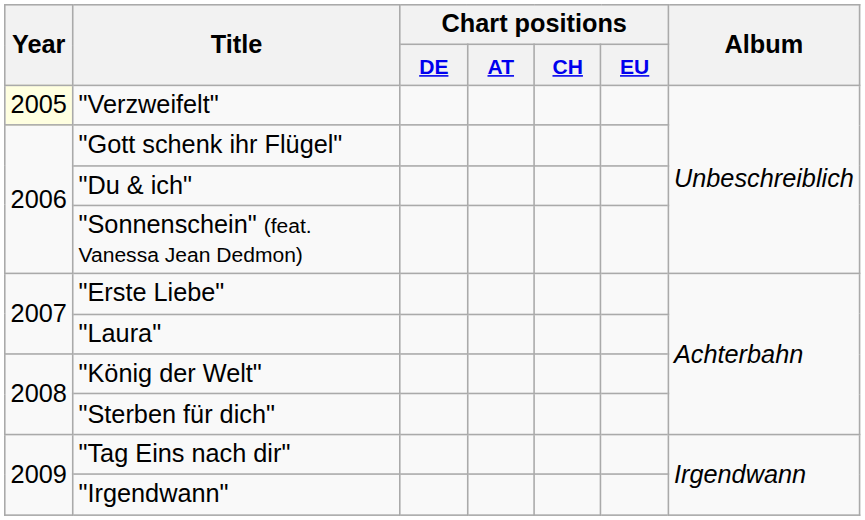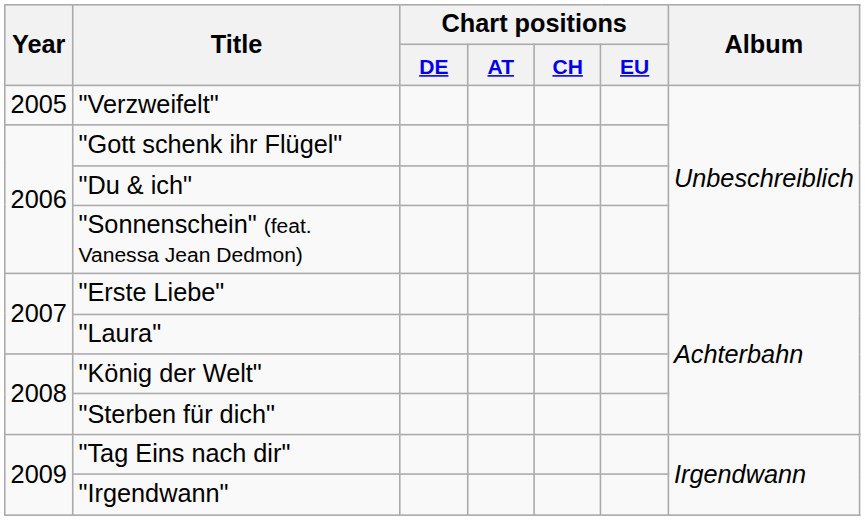 <table class="wikitable">
 <tr>
 <th width="3" rowspan="2"><strong>Year</strong></th>
 <th width="200" rowspan="2"><strong>Title</strong></th>
 <th colspan="4"><strong>Chart positions</strong></th>
 <th width="100" rowspan="2"><strong>Album</strong></th>
 </tr>
 <tr>
 <th width="35"><small><a href='#'>DE</a></small></th>
 <th width="35"><small><a href='#'>AT</a></small></th>
 <th width="35"><small><a href='#'>CH</a></small></th>
 <th width="35"><small><a href='#'>EU</a></small></th>
 </tr>
 <tr>
-<td rowspan="1" style="background: lightyellow;">2005</td>
+<td rowspan="1">2005</td>
 <td>"Verzweifelt"</td>
 <td></td>
 <td></td>
 <td></td>
 <td></td>
 <td rowspan="4"><em>Unbeschreiblich</em></td>
 </tr>
 <tr>
 <td rowspan="3">2006</td>
 <td>"Gott schenk ihr Flügel"</td>
 <td></td>
 <td></td>
 <td></td>
 <td></td>
 </tr>
 <tr>
 <td>"Du & ich"</td>
 <td></td>
 <td></td>
 <td></td>
 <td></td>
 </tr>
 <tr>
 <td>"Sonnenschein" <small>(feat. Vanessa Jean Dedmon)</small></td>
 <td></td>
 <td></td>
 <td></td>
 <td></td>
 </tr>
 <tr>
 <td rowspan="2">2007</td>
 <td>"Erste Liebe"</td>
 <td></td>
 <td></td>
 <td></td>
 <td></td>
 <td rowspan="4"><em>Achterbahn</em></td>
 </tr>
 <tr>
 <td>"Laura"</td>
 <td></td>
 <td></td>
 <td></td>
 <td></td>
 </tr>
 <tr>
 <td rowspan="2">2008</td>
 <td>"König der Welt"</td>
 <td></td>
 <td></td>
 <td></td>
 <td></td>
 </tr>
 <tr>
 <td>"Sterben für dich"</td>
 <td></td>
 <td></td>
 <td></td>
 <td></td>
 </tr>
 <tr>
 <td rowspan="2">2009</td>
 <td>"Tag Eins nach dir"</td>
 <td></td>
 <td></td>
 <td></td>
 <td></td>
 <td rowspan="2"><em>Irgendwann</em></td>
 </tr>
 <tr>
 <td>"Irgendwann"</td>
 <td></td>
 <td></td>
 <td></td>
 <td></td>
 </tr>
 </table>
